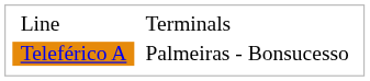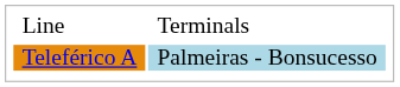 <table style="border:1px #bbb solid;padding:3px">
 <tr style="vertical-align:top" Style="font-weight:bold;background:#efefef">
 <td style="padding:0 6px">Line</td>
 <td style="padding:0 6px">Terminals</td>
 </tr>
 <tr style="vertical-align:top">
 </tr>
 <tr style="vertical-align:top">
 <td style="background:#e68a0b;padding:0 6px;color:black"><a href='#'>Teleférico A</a></td>
-<td style="padding:0 6px">Palmeiras - Bonsucesso</td>
+<td style="background: lightblue; padding:0 6px">Palmeiras - Bonsucesso</td>
 </tr>
 <tr style="vertical-align:top">
 </tr>
 </table>
